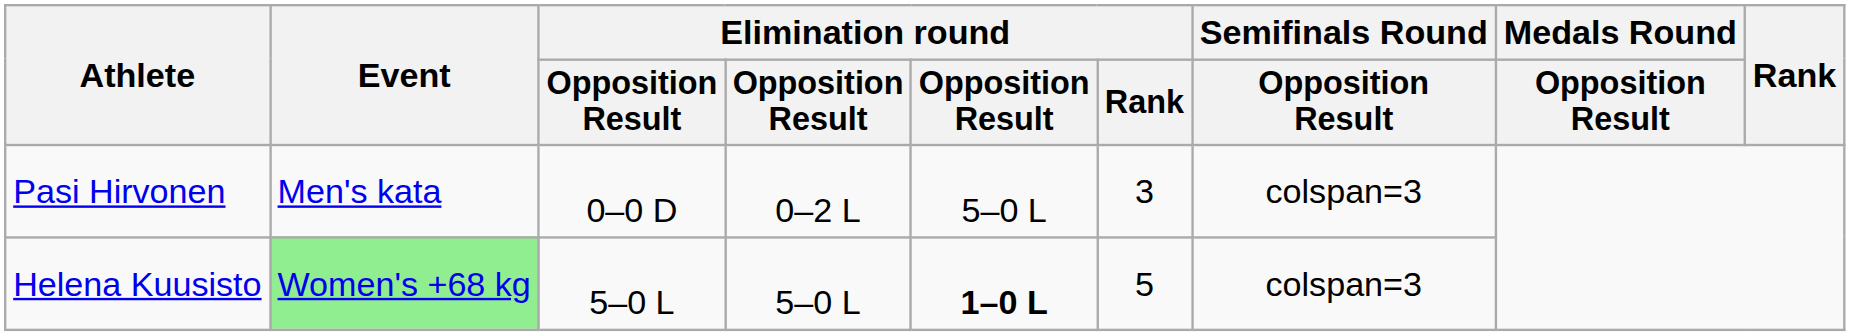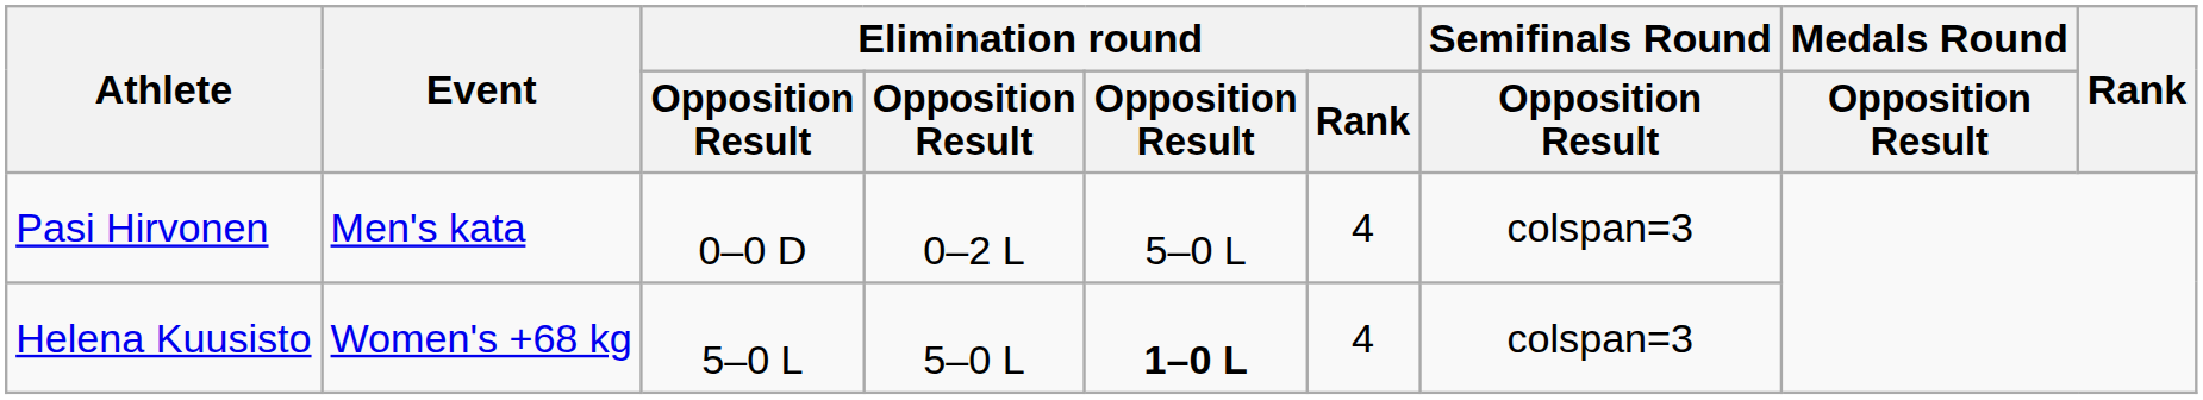 <table class="wikitable" style="font-size:90%">
 <tr>
 <th rowspan="2">Athlete</th>
 <th rowspan="2">Event</th>
 <th colspan="4">Elimination round</th>
 <th>Semifinals Round</th>
 <th>Medals Round</th>
 <th rowspan="2">Rank</th>
 </tr>
 <tr style="font-size:95%">
 <th>Opposition <br> Result</th>
 <th>Opposition <br> Result</th>
 <th>Opposition <br> Result</th>
 <th>Rank</th>
 <th>Opposition <br> Result</th>
 <th>Opposition <br> Result</th>
 </tr>
 <tr align=center>
 <td align=left><a href='#'>Pasi Hirvonen</a></td>
 <td align=left><a href='#'>Men's kata</a></td>
 <td><br>0–0 D</td>
 <td><br>0–2 L</td>
 <td><br>5–0 L</td>
-<td>3</td>
+<td>4</td>
 <td>colspan=3 </td>
 </tr>
 <tr align=center>
 <td align=left><a href='#'>Helena Kuusisto</a></td>
-<td align=left style="background: lightgreen;"><a href='#'>Women's +68 kg</a></td>
+<td align=left><a href='#'>Women's +68 kg</a></td>
 <td><br>5–0 L</td>
 <td><br>5–0 L</td>
 <td><strong><br>1–0 L</strong></td>
-<td>5</td>
+<td>4</td>
 <td>colspan=3 </td>
 </tr>
 </table>
